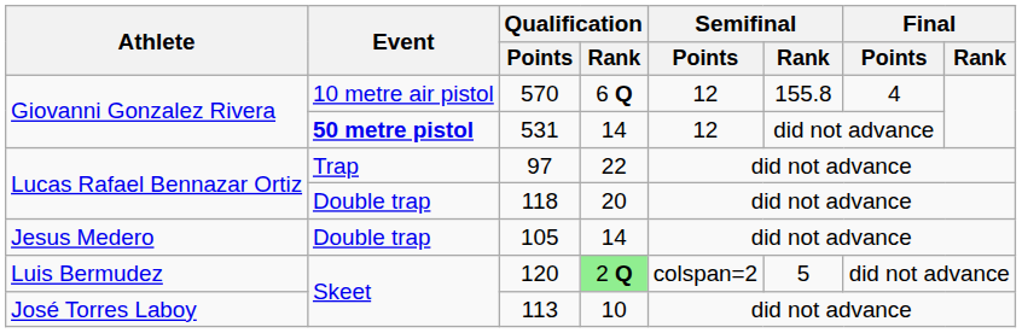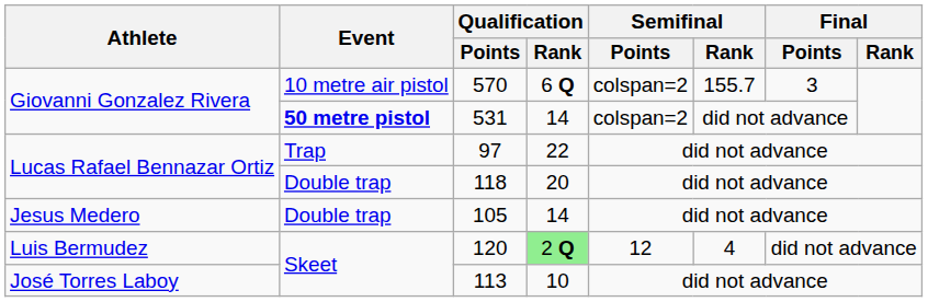 <table class="wikitable" style="font-size:90%">
 <tr>
 <th rowspan=2>Athlete</th>
 <th rowspan=2>Event</th>
 <th colspan=2>Qualification</th>
 <th colspan=2>Semifinal</th>
 <th colspan=2>Final</th>
 </tr>
 <tr style="font-size:95%">
 <th>Points</th>
 <th>Rank</th>
 <th>Points</th>
 <th>Rank</th>
 <th>Points</th>
 <th>Rank</th>
 </tr>
 <tr align=center>
 <td align=left rowspan="2"><a href='#'>Giovanni Gonzalez Rivera</a></td>
 <td align=left><a href='#'>10 metre air pistol</a></td>
 <td>570</td>
 <td>6 <strong>Q</strong></td>
-<td>12</td>
-<td>155.8</td>
-<td>4</td>
+<td>colspan=2 </td>
+<td>155.7</td>
+<td>3</td>
 </tr>
 <tr align=center>
 <td align=left><strong><a href='#'>50 metre pistol</a></strong></td>
 <td>531</td>
 <td>14</td>
-<td>12</td>
+<td>colspan=2 </td>
 <td colspan="2">did not advance</td>
 </tr>
 <tr align=center>
 <td align=left rowspan="2"><a href='#'>Lucas Rafael Bennazar Ortiz</a></td>
 <td align=left><a href='#'>Trap</a></td>
 <td>97</td>
 <td>22</td>
 <td colspan="4">did not advance</td>
 </tr>
 <tr align=center>
 <td align=left><a href='#'>Double trap</a></td>
 <td>118</td>
 <td>20</td>
 <td colspan="4">did not advance</td>
 </tr>
 <tr align=center>
 <td align=left><a href='#'>Jesus Medero</a></td>
 <td align=left><a href='#'>Double trap</a></td>
 <td>105</td>
 <td>14</td>
 <td colspan="4">did not advance</td>
 </tr>
 <tr align=center>
 <td align=left><a href='#'>Luis Bermudez</a></td>
 <td align=left rowspan="2"><a href='#'>Skeet</a></td>
 <td>120</td>
 <td style="background: lightgreen;">2 <strong>Q</strong></td>
-<td>colspan=2 </td>
-<td>5</td>
+<td>12</td>
+<td>4</td>
 <td colspan="2">did not advance</td>
 </tr>
 <tr align=center>
 <td align=left><a href='#'>José Torres Laboy</a></td>
 <td>113</td>
 <td>10</td>
 <td colspan="4">did not advance</td>
 </tr>
 </table>
